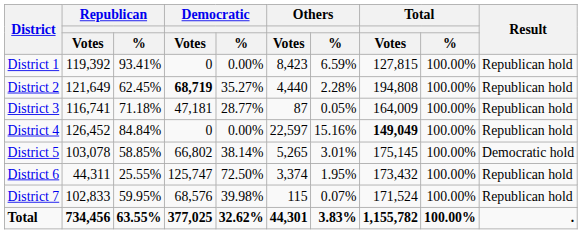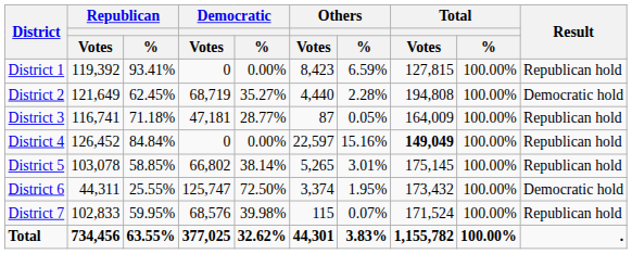 <table class="wikitable plainrowheaders sortable" style="font-size:100%; text-align:right;">
 <tr>
 <th scope=col rowspan=3><a href='#'>District</a></th>
 <th scope=col colspan=2><a href='#'>Republican</a></th>
 <th scope=col colspan=2><a href='#'>Democratic</a></th>
 <th scope=col colspan=2>Others</th>
 <th scope=col colspan=2>Total</th>
 <th scope=col rowspan=3>Result</th>
 </tr>
 <tr>
 <th scope=col colspan=2 style="background:"></th>
 <th scope=col colspan=2 style="background:"></th>
 <th scope=col colspan=2></th>
 <th scope=col colspan=2></th>
 </tr>
 <tr>
 <th scope=col data-sort-type="number">Votes</th>
 <th scope=col data-sort-type="number">%</th>
 <th scope=col data-sort-type="number">Votes</th>
 <th scope=col data-sort-type="number">%</th>
 <th scope=col data-sort-type="number">Votes</th>
 <th scope=col data-sort-type="number">%</th>
 <th scope=col data-sort-type="number">Votes</th>
 <th scope=col data-sort-type="number">%</th>
 </tr>
 <tr>
 <td align=left><a href='#'>District 1</a></td>
 <td>119,392</td>
 <td>93.41%</td>
 <td>0</td>
 <td>0.00%</td>
 <td>8,423</td>
 <td>6.59%</td>
 <td>127,815</td>
 <td>100.00%</td>
 <td align=left>Republican hold</td>
 </tr>
 <tr>
 <td align=left><a href='#'>District 2</a></td>
 <td>121,649</td>
 <td>62.45%</td>
-<td><strong>68,719</strong></td>
+<td>68,719</td>
 <td>35.27%</td>
 <td>4,440</td>
 <td>2.28%</td>
 <td>194,808</td>
 <td>100.00%</td>
-<td align=left>Republican hold</td>
+<td align=left>Democratic hold</td>
 </tr>
 <tr>
 <td align=left><a href='#'>District 3</a></td>
 <td>116,741</td>
 <td>71.18%</td>
 <td>47,181</td>
 <td>28.77%</td>
 <td>87</td>
 <td>0.05%</td>
 <td>164,009</td>
 <td>100.00%</td>
 <td align=left>Republican hold</td>
 </tr>
 <tr>
 <td align=left><a href='#'>District 4</a></td>
 <td>126,452</td>
 <td>84.84%</td>
 <td>0</td>
 <td>0.00%</td>
 <td>22,597</td>
 <td>15.16%</td>
 <td><strong>149,049</strong></td>
 <td>100.00%</td>
 <td align=left>Republican hold</td>
 </tr>
 <tr>
 <td align=left><a href='#'>District 5</a></td>
 <td>103,078</td>
 <td>58.85%</td>
 <td>66,802</td>
 <td>38.14%</td>
 <td>5,265</td>
 <td>3.01%</td>
 <td>175,145</td>
 <td>100.00%</td>
-<td align=left>Democratic hold</td>
+<td align=left>Republican hold</td>
 </tr>
 <tr>
 <td align=left><a href='#'>District 6</a></td>
 <td>44,311</td>
 <td>25.55%</td>
 <td>125,747</td>
 <td>72.50%</td>
 <td>3,374</td>
 <td>1.95%</td>
 <td>173,432</td>
 <td>100.00%</td>
-<td align=left>Republican hold</td>
+<td align=left>Democratic hold</td>
 </tr>
 <tr>
 <td align=left><a href='#'>District 7</a></td>
 <td>102,833</td>
 <td>59.95%</td>
 <td>68,576</td>
 <td>39.98%</td>
 <td>115</td>
 <td>0.07%</td>
 <td>171,524</td>
 <td>100.00%</td>
 <td align=left>Republican hold</td>
 </tr>
 <tr class="sortbottom" style="font-weight:bold">
 <td align=left>Total</td>
 <td>734,456</td>
 <td>63.55%</td>
 <td>377,025</td>
 <td>32.62%</td>
 <td>44,301</td>
 <td>3.83%</td>
 <td>1,155,782</td>
 <td>100.00%</td>
 <td>.</td>
 </tr>
 </table>
